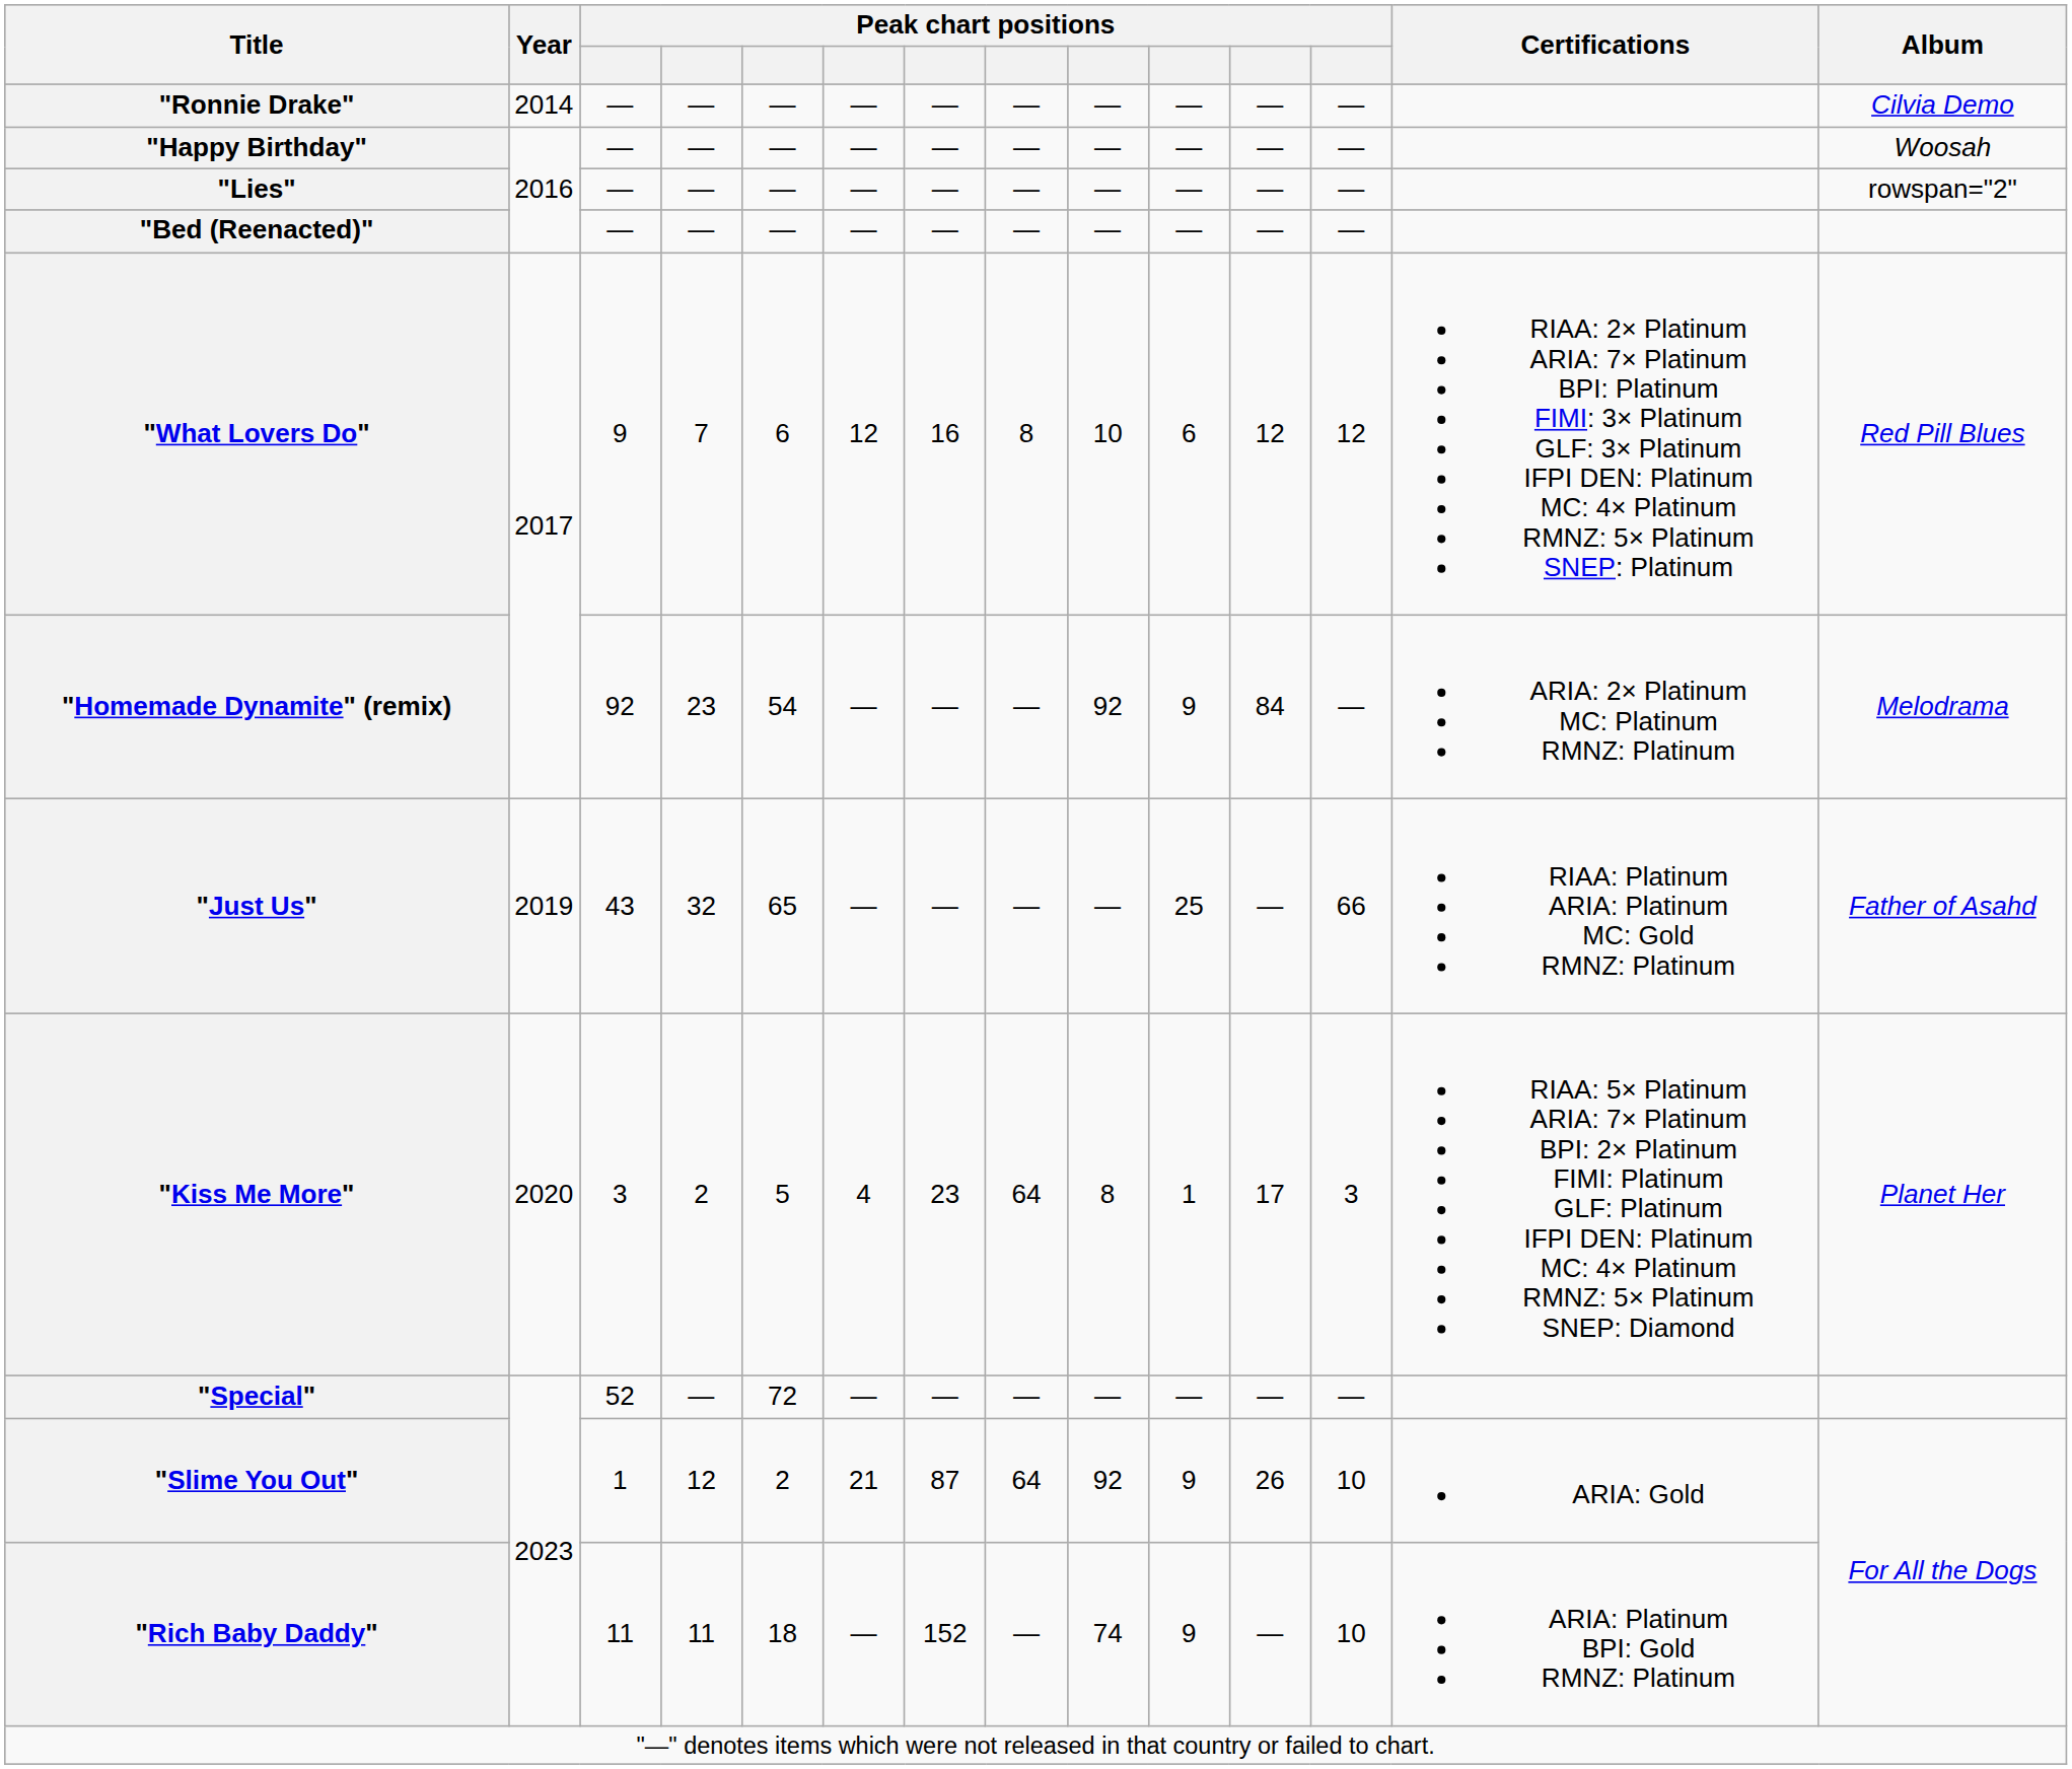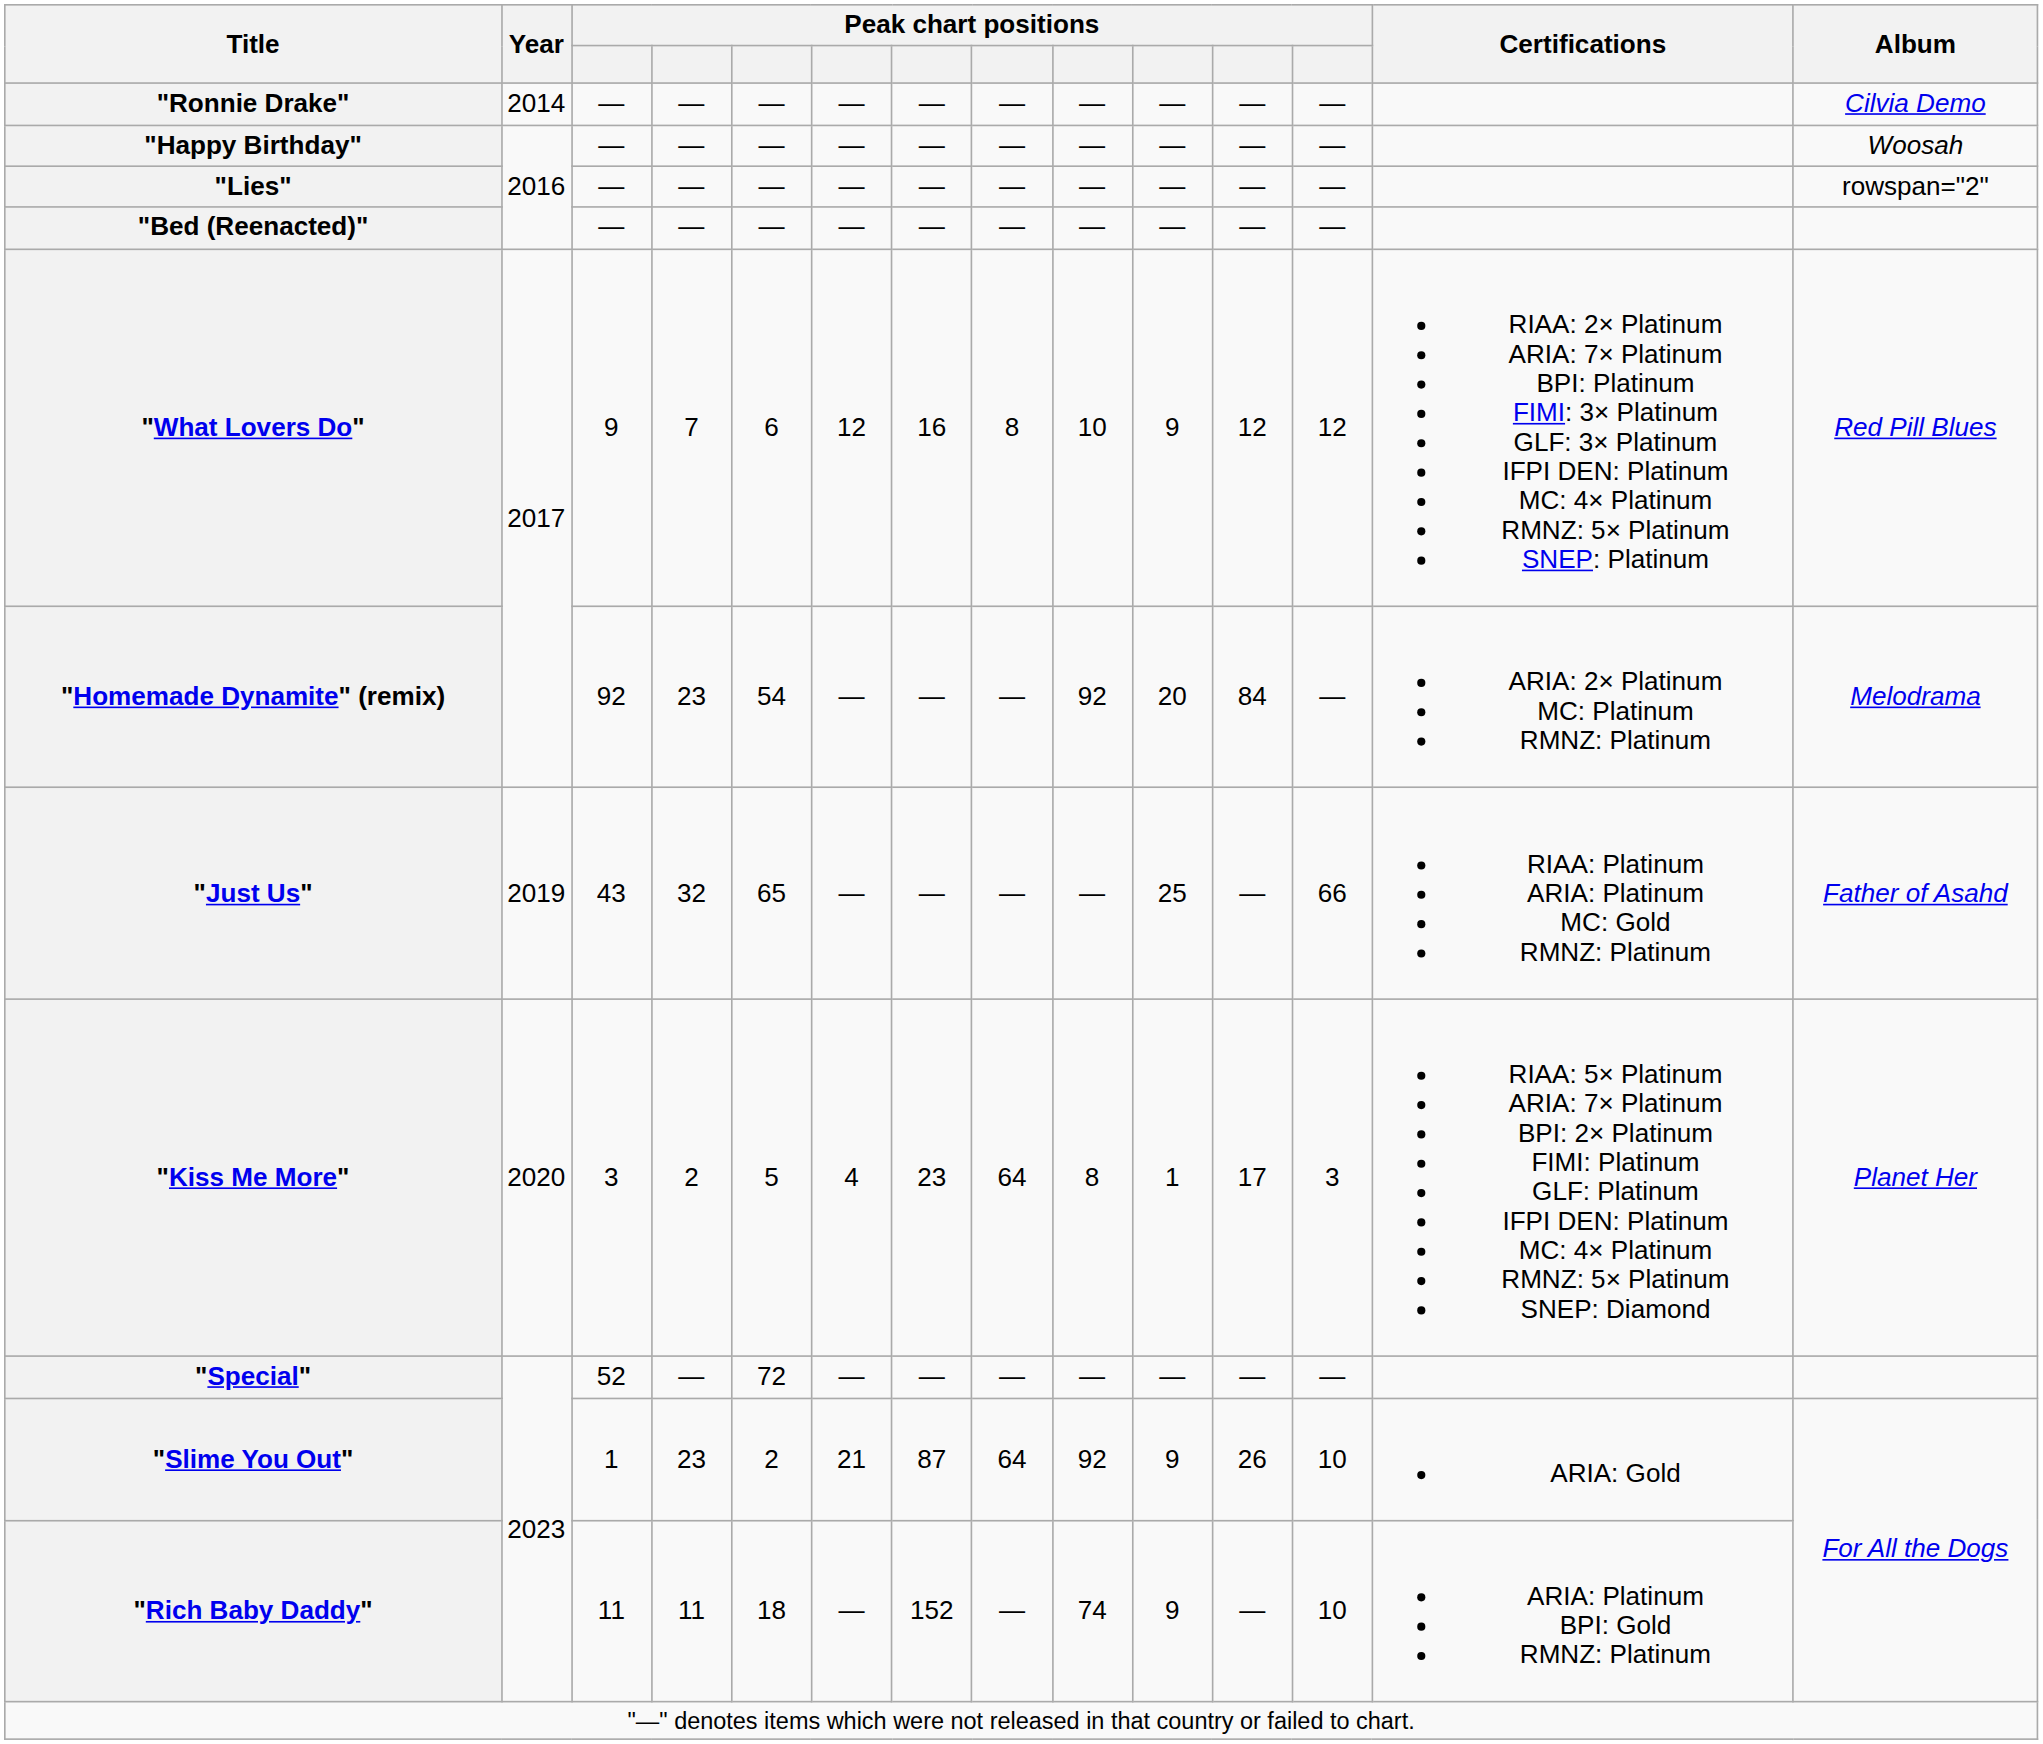 <table class="wikitable plainrowheaders" style="text-align:center;" border="1">
 <tr>
 <th scope="col" rowspan="2" style="width:19em;">Title</th>
 <th scope="col" rowspan="2" style="width:1em;">Year</th>
 <th scope="col" colspan="10">Peak chart positions</th>
 <th scope="col" rowspan="2" style="width:16em;">Certifications</th>
 <th scope="col" rowspan="2" style="width:9em;">Album</th>
 </tr>
 <tr>
 <th scope="col" style="width:3em;font-size:90%;"><a href='#'></a><br></th>
 <th scope="col" style="width:3em;font-size:90%;"><a href='#'></a><br></th>
 <th scope="col" style="width:3em;font-size:90%;"><a href='#'></a><br></th>
 <th scope="col" style="width:3em;font-size:90%;"><a href='#'></a><br></th>
 <th scope="col" style="width:3em;font-size:90%;"><a href='#'></a><br></th>
 <th scope="col" style="width:3em;font-size:90%;"><a href='#'></a><br></th>
 <th scope="col" style="width:3em;font-size:90%;"><a href='#'></a><br></th>
 <th scope="col" style="width:3em;font-size:90%;"><a href='#'></a><br></th>
 <th scope="col" style="width:3em;font-size:90%;"><a href='#'></a><br></th>
 <th scope="col" style="width:3em;font-size:90%;"><a href='#'></a><br></th>
 </tr>
 <tr>
 <th scope="row">"Ronnie Drake"<br></th>
 <td>2014</td>
 <td>—</td>
 <td>—</td>
 <td>—</td>
 <td>—</td>
 <td>—</td>
 <td>—</td>
 <td>—</td>
 <td>—</td>
 <td>—</td>
 <td>—</td>
 <td></td>
 <td><em><a href='#'>Cilvia Demo</a></em></td>
 </tr>
 <tr>
 <th scope="row">"Happy Birthday"<br></th>
 <td rowspan="3">2016</td>
 <td>—</td>
 <td>—</td>
 <td>—</td>
 <td>—</td>
 <td>—</td>
 <td>—</td>
 <td>—</td>
 <td>—</td>
 <td>—</td>
 <td>—</td>
 <td></td>
 <td><em>Woosah</em></td>
 </tr>
 <tr>
 <th scope="row">"Lies"<br></th>
 <td>—</td>
 <td>—</td>
 <td>—</td>
 <td>—</td>
 <td>—</td>
 <td>—</td>
 <td>—</td>
 <td>—</td>
 <td>—</td>
 <td>—</td>
 <td></td>
 <td>rowspan="2" </td>
 </tr>
 <tr>
 <th scope="row">"Bed (Reenacted)"<br></th>
 <td>—</td>
 <td>—</td>
 <td>—</td>
 <td>—</td>
 <td>—</td>
 <td>—</td>
 <td>—</td>
 <td>—</td>
 <td>—</td>
 <td>—</td>
 <td></td>
 </tr>
 <tr>
 <th scope="row">"<a href='#'>What Lovers Do</a>"<br></th>
 <td rowspan="2">2017</td>
 <td>9</td>
 <td>7</td>
 <td>6</td>
 <td>12</td>
 <td>16</td>
 <td>8</td>
 <td>10</td>
-<td>6</td>
+<td>9</td>
 <td>12</td>
 <td>12</td>
 <td><br><ul><li>RIAA: 2× Platinum</li><li>ARIA: 7× Platinum</li><li>BPI: Platinum</li><li><a href='#'>FIMI</a>: 3× Platinum</li><li>GLF: 3× Platinum</li><li>IFPI DEN: Platinum</li><li>MC: 4× Platinum</li><li>RMNZ: 5× Platinum</li><li><a href='#'>SNEP</a>: Platinum</li></ul></td>
 <td><em><a href='#'>Red Pill Blues</a></em></td>
 </tr>
 <tr>
 <th scope="row">"<a href='#'>Homemade Dynamite</a>" (remix)<br></th>
 <td>92</td>
 <td>23</td>
 <td>54</td>
 <td>—</td>
 <td>—</td>
 <td>—</td>
 <td>92</td>
-<td>9</td>
+<td>20</td>
 <td>84</td>
 <td>—</td>
 <td><br><ul><li>ARIA: 2× Platinum</li><li>MC: Platinum</li><li>RMNZ: Platinum</li></ul></td>
 <td><em><a href='#'>Melodrama</a></em></td>
 </tr>
 <tr>
 <th scope="row">"<a href='#'>Just Us</a>"<br></th>
 <td>2019</td>
 <td>43</td>
 <td>32</td>
 <td>65</td>
 <td>—</td>
 <td>—</td>
 <td>—</td>
 <td>—</td>
 <td>25</td>
 <td>—</td>
 <td>66</td>
 <td><br><ul><li>RIAA: Platinum</li><li>ARIA: Platinum</li><li>MC: Gold</li><li>RMNZ: Platinum</li></ul></td>
 <td><em><a href='#'>Father of Asahd</a></em></td>
 </tr>
 <tr>
 <th scope="row">"<a href='#'>Kiss Me More</a>"<br></th>
 <td>2020</td>
 <td>3</td>
 <td>2</td>
 <td>5</td>
 <td>4</td>
 <td>23</td>
 <td>64</td>
 <td>8</td>
 <td>1</td>
 <td>17</td>
 <td>3</td>
 <td><br><ul><li>RIAA: 5× Platinum</li><li>ARIA: 7× Platinum</li><li>BPI: 2× Platinum</li><li>FIMI: Platinum</li><li>GLF: Platinum</li><li>IFPI DEN: Platinum</li><li>MC: 4× Platinum</li><li>RMNZ: 5× Platinum</li><li>SNEP: Diamond</li></ul></td>
 <td><em><a href='#'>Planet Her</a></em></td>
 </tr>
 <tr>
 <th scope="row">"<a href='#'>Special</a>"<br></th>
 <td rowspan="3">2023</td>
 <td>52</td>
 <td>—</td>
 <td>72</td>
 <td>—</td>
 <td>—</td>
 <td>—</td>
 <td>—</td>
 <td>—</td>
 <td>—</td>
 <td>—</td>
 <td></td>
 <td></td>
 </tr>
 <tr>
 <th scope="row">"<a href='#'>Slime You Out</a>"<br></th>
 <td>1</td>
-<td>12</td>
+<td>23</td>
 <td>2</td>
 <td>21</td>
 <td>87</td>
 <td>64</td>
 <td>92</td>
 <td>9</td>
 <td>26</td>
 <td>10</td>
 <td><br><ul><li>ARIA: Gold</li></ul></td>
 <td rowspan="2"><em><a href='#'>For All the Dogs</a></em></td>
 </tr>
 <tr>
 <th scope="row">"<a href='#'>Rich Baby Daddy</a>"<br></th>
 <td>11</td>
 <td>11</td>
 <td>18</td>
 <td>—</td>
 <td>152</td>
 <td>—</td>
 <td>74</td>
 <td>9</td>
 <td>—</td>
 <td>10</td>
 <td><br><ul><li>ARIA: Platinum</li><li>BPI: Gold</li><li>RMNZ: Platinum</li></ul></td>
 </tr>
 <tr>
 <td colspan="15" style="font-size:90%;">"—" denotes items which were not released in that country or failed to chart.</td>
 </tr>
 </table>
